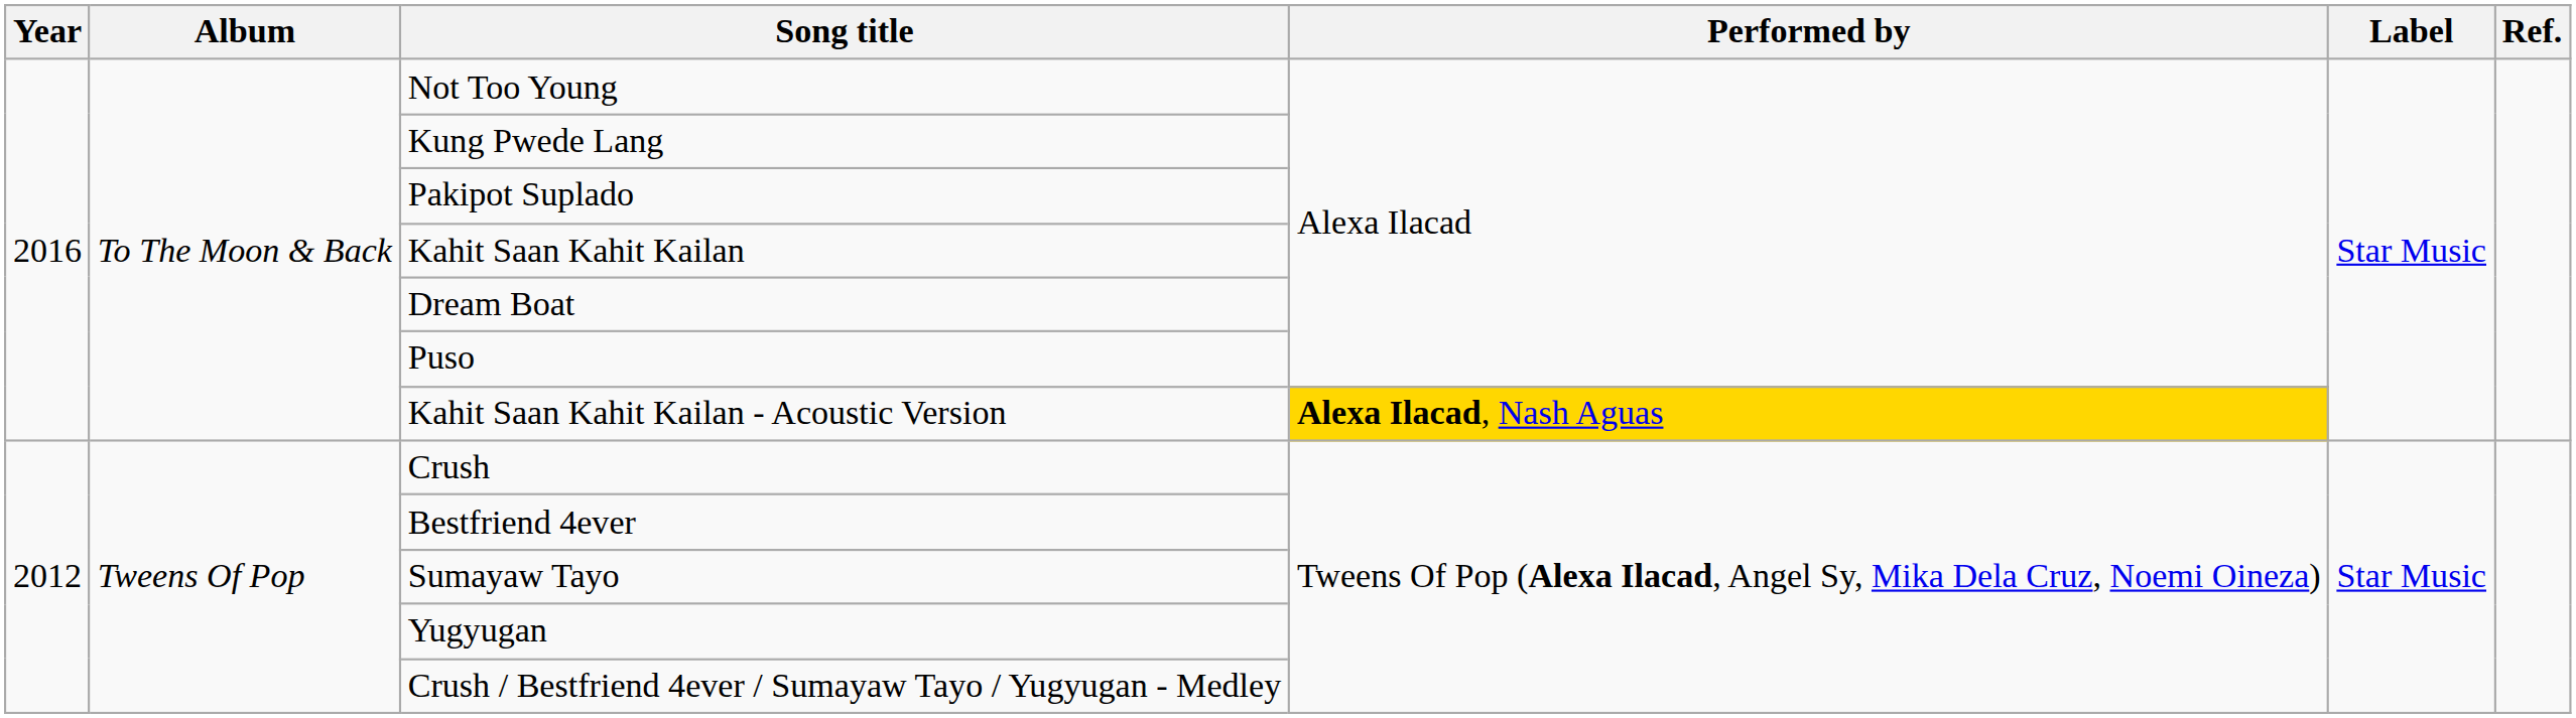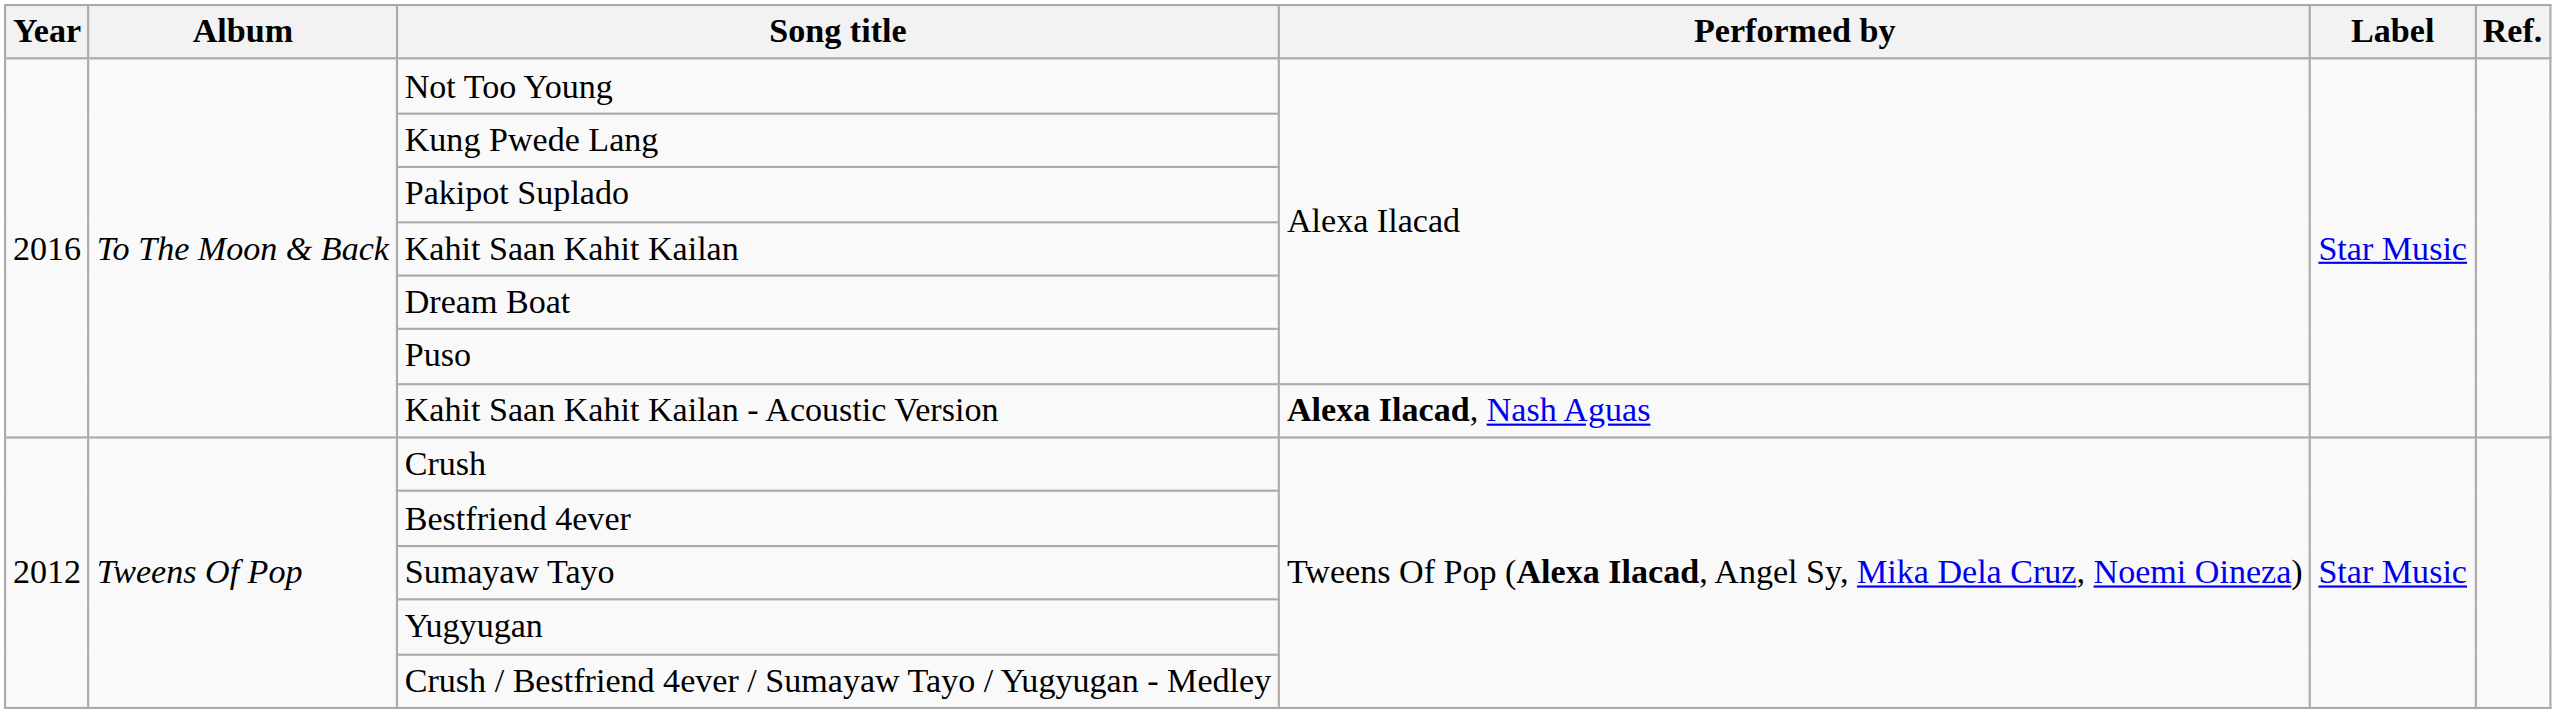 <table class="wikitable">
 <tr>
 <th>Year</th>
 <th>Album</th>
 <th>Song title</th>
 <th>Performed by</th>
 <th>Label</th>
 <th>Ref.</th>
 </tr>
 <tr>
 <td rowspan="7">2016</td>
 <td rowspan="7"><em>To The Moon & Back</em></td>
 <td>Not Too Young</td>
 <td rowspan="6">Alexa Ilacad</td>
 <td rowspan="7"><a href='#'>Star Music</a></td>
 <td rowspan="7"></td>
 </tr>
 <tr>
 <td>Kung Pwede Lang</td>
 </tr>
 <tr>
 <td>Pakipot Suplado</td>
 </tr>
 <tr>
 <td>Kahit Saan Kahit Kailan</td>
 </tr>
 <tr>
 <td>Dream Boat</td>
 </tr>
 <tr>
 <td>Puso</td>
 </tr>
 <tr>
 <td>Kahit Saan Kahit Kailan - Acoustic Version</td>
-<td style="background: gold;"><strong>Alexa Ilacad</strong>, <a href='#'>Nash Aguas</a></td>
+<td><strong>Alexa Ilacad</strong>, <a href='#'>Nash Aguas</a></td>
 </tr>
 <tr>
 <td rowspan="5">2012</td>
 <td rowspan="5"><em>Tweens Of Pop</em></td>
 <td>Crush</td>
 <td rowspan="5">Tweens Of Pop (<strong>Alexa Ilacad</strong>, Angel Sy, <a href='#'>Mika Dela Cruz</a>, <a href='#'>Noemi Oineza</a>)</td>
 <td rowspan="5"><a href='#'>Star Music</a></td>
 <td rowspan="5"></td>
 </tr>
 <tr>
 <td>Bestfriend 4ever</td>
 </tr>
 <tr>
 <td>Sumayaw Tayo</td>
 </tr>
 <tr>
 <td>Yugyugan</td>
 </tr>
 <tr>
 <td>Crush / Bestfriend 4ever / Sumayaw Tayo / Yugyugan - Medley</td>
 </tr>
 </table>
